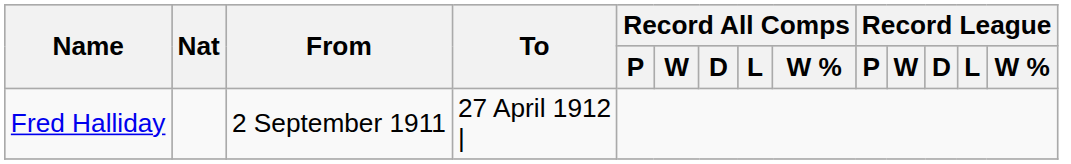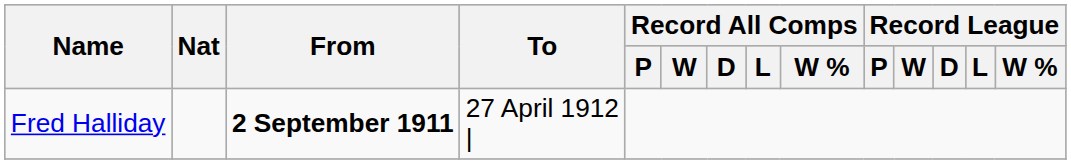 <table class="wikitable" style="text-align: center">
 <tr>
 <th rowspan="2">Name</th>
 <th rowspan="2">Nat</th>
 <th rowspan="2">From</th>
 <th rowspan="2">To</th>
 <th colspan="5">Record All Comps</th>
 <th colspan="5">Record League</th>
 </tr>
 <tr>
 <th>P</th>
 <th>W</th>
 <th>D</th>
 <th>L</th>
 <th>W %</th>
 <th>P</th>
 <th>W</th>
 <th>D</th>
 <th>L</th>
 <th>W %</th>
 </tr>
 <tr>
 <td align=left><a href='#'>Fred Halliday</a></td>
 <td></td>
-<td align=left>2 September 1911</td>
+<td align=left><strong>2 September 1911</strong></td>
 <td align=left>27 April 1912<br>|</td>
 </tr>
 </table>
